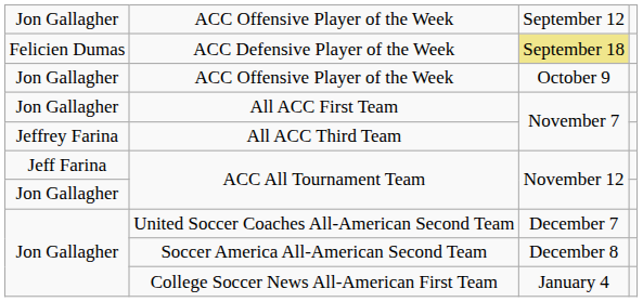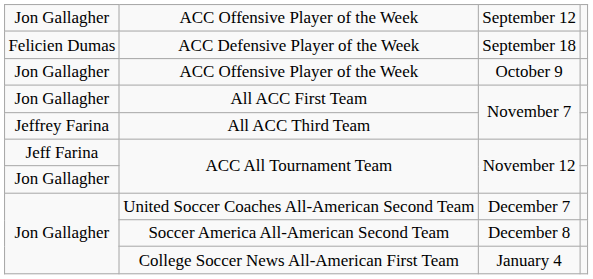 <table class="wikitable sortable" style="text-align: center">
 <tr>
 <td>Jon Gallagher</td>
 <td>ACC Offensive Player of the Week</td>
 <td>September 12</td>
 <td></td>
 </tr>
 <tr>
 <td>Felicien Dumas</td>
 <td>ACC Defensive Player of the Week</td>
-<td style="background: khaki;">September 18</td>
+<td>September 18</td>
 <td></td>
 </tr>
 <tr>
 <td>Jon Gallagher</td>
 <td>ACC Offensive Player of the Week</td>
 <td>October 9</td>
 <td></td>
 </tr>
 <tr>
 <td>Jon Gallagher</td>
 <td>All ACC First Team</td>
 <td rowspan="2">November 7</td>
 <td></td>
 </tr>
 <tr>
 <td>Jeffrey Farina</td>
 <td>All ACC Third Team</td>
 <td></td>
 </tr>
 <tr>
 <td>Jeff Farina</td>
 <td rowspan="2">ACC All Tournament Team</td>
 <td rowspan="2">November 12</td>
 <td></td>
 </tr>
 <tr>
 <td>Jon Gallagher</td>
 <td></td>
 </tr>
 <tr>
 <td rowspan="3">Jon Gallagher</td>
 <td>United Soccer Coaches All-American Second Team</td>
 <td>December 7</td>
 <td></td>
 </tr>
 <tr>
 <td>Soccer America All-American Second Team</td>
 <td>December 8</td>
 <td></td>
 </tr>
 <tr>
 <td>College Soccer News All-American First Team</td>
 <td>January 4</td>
 <td></td>
 </tr>
 </table>
